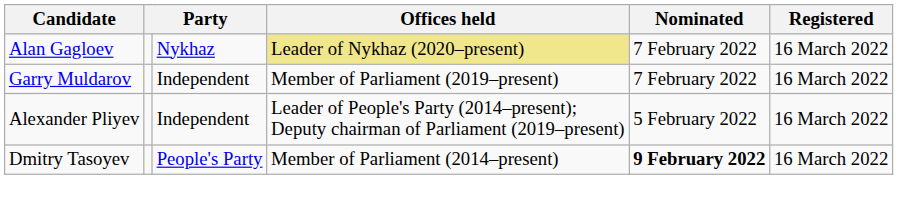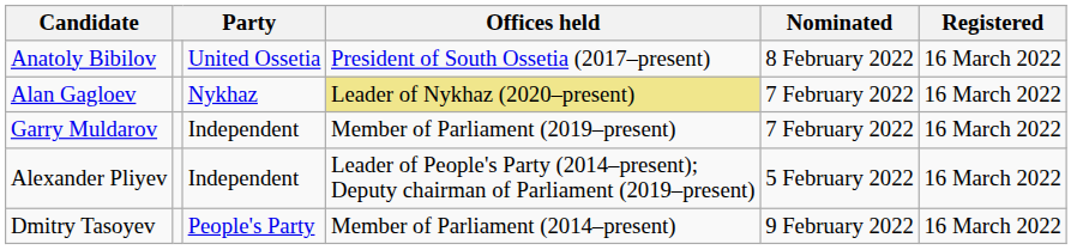 <table class="wikitable sortable">
 <tr>
 <th>Candidate</th>
 <th colspan=2>Party</th>
 <th>Offices held</th>
 <th>Nominated</th>
 <th>Registered</th>
+</tr>
+<tr>
+<td><a href='#'>Anatoly Bibilov</a></td>
+<td style="background:"></td>
+<td><a href='#'>United Ossetia</a></td>
+<td><a href='#'>President of South Ossetia</a> (2017–present)</td>
+<td>8 February 2022</td>
+<td>16 March 2022</td>
 </tr>
 <tr>
 <td><a href='#'>Alan Gagloev</a></td>
 <td style="background:"></td>
 <td><a href='#'>Nykhaz</a></td>
 <td style="background: khaki;">Leader of Nykhaz (2020–present)</td>
 <td>7 February 2022</td>
 <td>16 March 2022</td>
 </tr>
 <tr>
 <td><a href='#'>Garry Muldarov</a></td>
 <td style="background:"></td>
 <td>Independent</td>
 <td>Member of Parliament (2019–present)</td>
 <td>7 February 2022</td>
 <td>16 March 2022</td>
 </tr>
 <tr>
 <td>Alexander Pliyev</td>
 <td style="background:"></td>
 <td>Independent</td>
 <td>Leader of People's Party (2014–present);<br>Deputy chairman of Parliament (2019–present)</td>
 <td>5 February 2022</td>
 <td>16 March 2022</td>
 </tr>
 <tr>
 <td>Dmitry Tasoyev</td>
 <td style="background:"></td>
 <td><a href='#'>People's Party</a></td>
 <td>Member of Parliament (2014–present)</td>
-<td><strong>9 February 2022</strong></td>
+<td>9 February 2022</td>
 <td>16 March 2022</td>
 </tr>
 </table>
